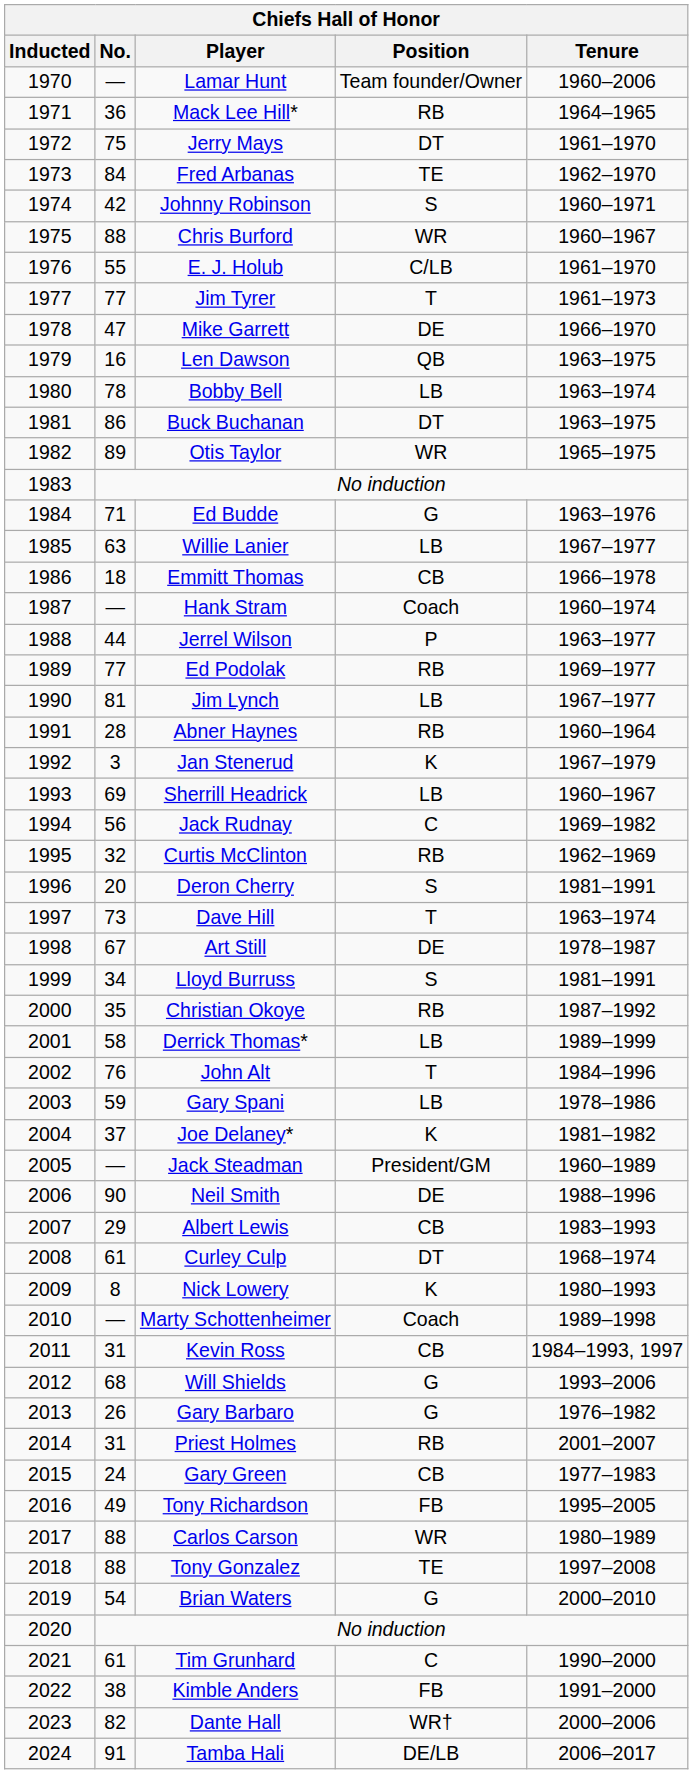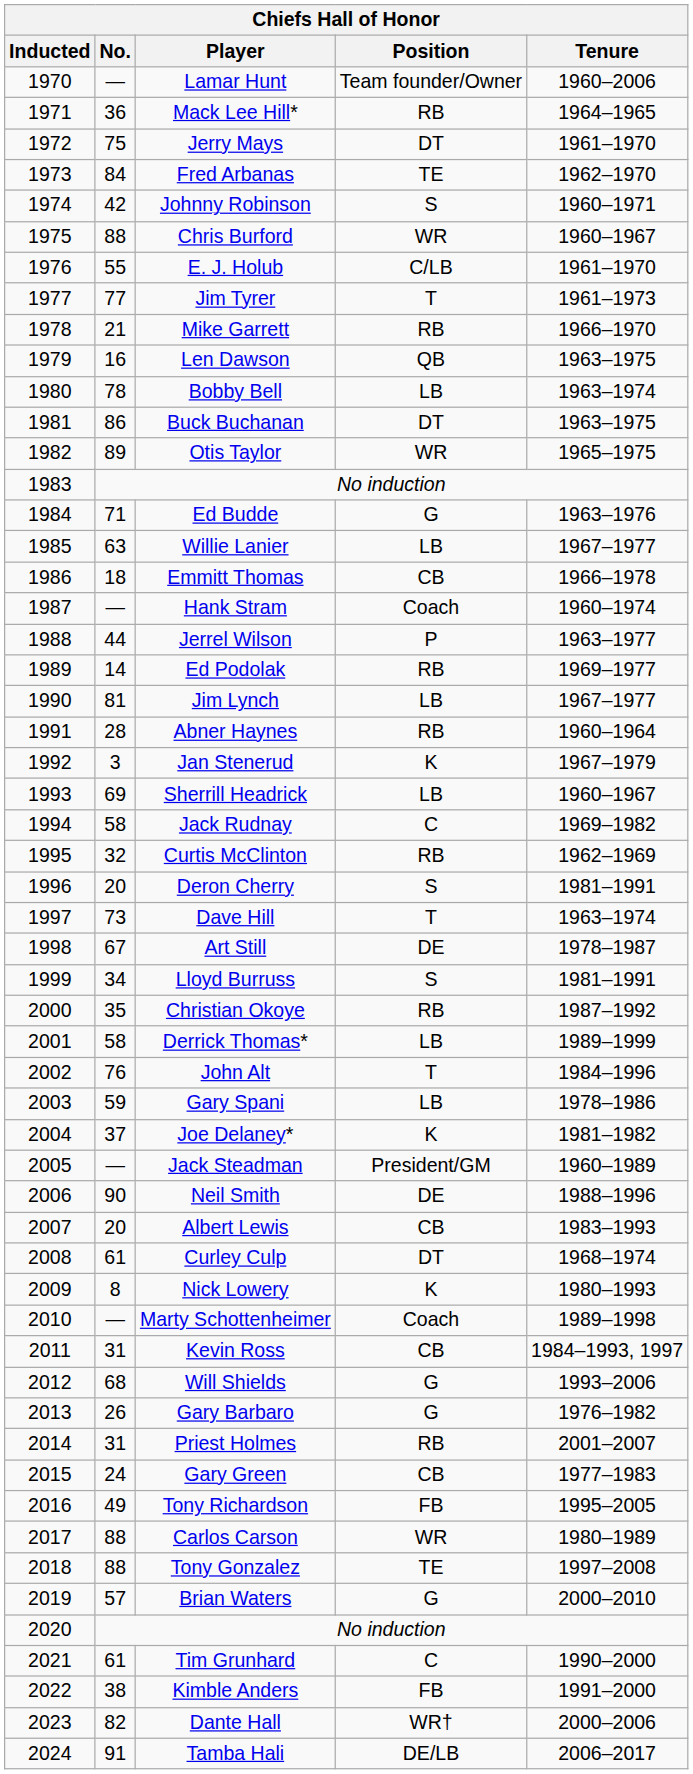 <table class="wikitable" style="text-align:center">
 <tr>
 <th align="center" colspan="5">Chiefs Hall of Honor</th>
 </tr>
 <tr>
 <th>Inducted</th>
 <th>No.</th>
 <th>Player</th>
 <th>Position</th>
 <th>Tenure</th>
 </tr>
 <tr>
 <td>1970</td>
 <td>—</td>
 <td><a href='#'>Lamar Hunt</a></td>
 <td>Team founder/Owner</td>
 <td>1960–2006</td>
 </tr>
 <tr>
 <td>1971</td>
 <td>36</td>
 <td><a href='#'>Mack Lee Hill</a>*</td>
 <td>RB</td>
 <td>1964–1965</td>
 </tr>
 <tr>
 <td>1972</td>
 <td>75</td>
 <td><a href='#'>Jerry Mays</a></td>
 <td>DT</td>
 <td>1961–1970</td>
 </tr>
 <tr>
 <td>1973</td>
 <td>84</td>
 <td><a href='#'>Fred Arbanas</a></td>
 <td>TE</td>
 <td>1962–1970</td>
 </tr>
 <tr>
 <td>1974</td>
 <td>42</td>
 <td><a href='#'>Johnny Robinson</a></td>
 <td>S</td>
 <td>1960–1971</td>
 </tr>
 <tr>
 <td>1975</td>
 <td>88</td>
 <td><a href='#'>Chris Burford</a></td>
 <td>WR</td>
 <td>1960–1967</td>
 </tr>
 <tr>
 <td>1976</td>
 <td>55</td>
 <td><a href='#'>E. J. Holub</a></td>
 <td>C/LB</td>
 <td>1961–1970</td>
 </tr>
 <tr>
 <td>1977</td>
 <td>77</td>
 <td><a href='#'>Jim Tyrer</a></td>
 <td>T</td>
 <td>1961–1973</td>
 </tr>
 <tr>
 <td>1978</td>
-<td>47</td>
+<td>21</td>
 <td><a href='#'>Mike Garrett</a></td>
-<td>DE</td>
+<td>RB</td>
 <td>1966–1970</td>
 </tr>
 <tr>
 <td>1979</td>
 <td>16</td>
 <td><a href='#'>Len Dawson</a></td>
 <td>QB</td>
 <td>1963–1975</td>
 </tr>
 <tr>
 <td>1980</td>
 <td>78</td>
 <td><a href='#'>Bobby Bell</a></td>
 <td>LB</td>
 <td>1963–1974</td>
 </tr>
 <tr>
 <td>1981</td>
 <td>86</td>
 <td><a href='#'>Buck Buchanan</a></td>
 <td>DT</td>
 <td>1963–1975</td>
 </tr>
 <tr>
 <td>1982</td>
 <td>89</td>
 <td><a href='#'>Otis Taylor</a></td>
 <td>WR</td>
 <td>1965–1975</td>
 </tr>
 <tr>
 <td>1983</td>
 <td colspan=4><em>No induction</em></td>
 </tr>
 <tr>
 <td>1984</td>
 <td>71</td>
 <td><a href='#'>Ed Budde</a></td>
 <td>G</td>
 <td>1963–1976</td>
 </tr>
 <tr>
 <td>1985</td>
 <td>63</td>
 <td><a href='#'>Willie Lanier</a></td>
 <td>LB</td>
 <td>1967–1977</td>
 </tr>
 <tr>
 <td>1986</td>
 <td>18</td>
 <td><a href='#'>Emmitt Thomas</a></td>
 <td>CB</td>
 <td>1966–1978</td>
 </tr>
 <tr>
 <td>1987</td>
 <td>—</td>
 <td><a href='#'>Hank Stram</a></td>
 <td>Coach</td>
 <td>1960–1974</td>
 </tr>
 <tr>
 <td>1988</td>
 <td>44</td>
 <td><a href='#'>Jerrel Wilson</a></td>
 <td>P</td>
 <td>1963–1977</td>
 </tr>
 <tr>
 <td>1989</td>
-<td>77</td>
+<td>14</td>
 <td><a href='#'>Ed Podolak</a></td>
 <td>RB</td>
 <td>1969–1977</td>
 </tr>
 <tr>
 <td>1990</td>
 <td>81</td>
 <td><a href='#'>Jim Lynch</a></td>
 <td>LB</td>
 <td>1967–1977</td>
 </tr>
 <tr>
 <td>1991</td>
 <td>28</td>
 <td><a href='#'>Abner Haynes</a></td>
 <td>RB</td>
 <td>1960–1964</td>
 </tr>
 <tr>
 <td>1992</td>
 <td>3</td>
 <td><a href='#'>Jan Stenerud</a></td>
 <td>K</td>
 <td>1967–1979</td>
 </tr>
 <tr>
 <td>1993</td>
 <td>69</td>
 <td><a href='#'>Sherrill Headrick</a></td>
 <td>LB</td>
 <td>1960–1967</td>
 </tr>
 <tr>
 <td>1994</td>
-<td>56</td>
+<td>58</td>
 <td><a href='#'>Jack Rudnay</a></td>
 <td>C</td>
 <td>1969–1982</td>
 </tr>
 <tr>
 <td>1995</td>
 <td>32</td>
 <td><a href='#'>Curtis McClinton</a></td>
 <td>RB</td>
 <td>1962–1969</td>
 </tr>
 <tr>
 <td>1996</td>
 <td>20</td>
 <td><a href='#'>Deron Cherry</a></td>
 <td>S</td>
 <td>1981–1991</td>
 </tr>
 <tr>
 <td>1997</td>
 <td>73</td>
 <td><a href='#'>Dave Hill</a></td>
 <td>T</td>
 <td>1963–1974</td>
 </tr>
 <tr>
 <td>1998</td>
 <td>67</td>
 <td><a href='#'>Art Still</a></td>
 <td>DE</td>
 <td>1978–1987</td>
 </tr>
 <tr>
 <td>1999</td>
 <td>34</td>
 <td><a href='#'>Lloyd Burruss</a></td>
 <td>S</td>
 <td>1981–1991</td>
 </tr>
 <tr>
 <td>2000</td>
 <td>35</td>
 <td><a href='#'>Christian Okoye</a></td>
 <td>RB</td>
 <td>1987–1992</td>
 </tr>
 <tr>
 <td>2001</td>
 <td>58</td>
 <td><a href='#'>Derrick Thomas</a>*</td>
 <td>LB</td>
 <td>1989–1999</td>
 </tr>
 <tr>
 <td>2002</td>
 <td>76</td>
 <td><a href='#'>John Alt</a></td>
 <td>T</td>
 <td>1984–1996</td>
 </tr>
 <tr>
 <td>2003</td>
 <td>59</td>
 <td><a href='#'>Gary Spani</a></td>
 <td>LB</td>
 <td>1978–1986</td>
 </tr>
 <tr>
 <td>2004</td>
 <td>37</td>
 <td><a href='#'>Joe Delaney</a>*</td>
 <td>K</td>
 <td>1981–1982</td>
 </tr>
 <tr>
 <td>2005</td>
 <td>—</td>
 <td><a href='#'>Jack Steadman</a></td>
 <td>President/GM</td>
 <td>1960–1989</td>
 </tr>
 <tr>
 <td>2006</td>
 <td>90</td>
 <td><a href='#'>Neil Smith</a></td>
 <td>DE</td>
 <td>1988–1996</td>
 </tr>
 <tr>
 <td>2007</td>
-<td>29</td>
+<td>20</td>
 <td><a href='#'>Albert Lewis</a></td>
 <td>CB</td>
 <td>1983–1993</td>
 </tr>
 <tr>
 <td>2008</td>
 <td>61</td>
 <td><a href='#'>Curley Culp</a></td>
 <td>DT</td>
 <td>1968–1974</td>
 </tr>
 <tr>
 <td>2009</td>
 <td>8</td>
 <td><a href='#'>Nick Lowery</a></td>
 <td>K</td>
 <td>1980–1993</td>
 </tr>
 <tr>
 <td>2010</td>
 <td>—</td>
 <td><a href='#'>Marty Schottenheimer</a></td>
 <td>Coach</td>
 <td>1989–1998</td>
 </tr>
 <tr>
 <td>2011</td>
 <td>31</td>
 <td><a href='#'>Kevin Ross</a></td>
 <td>CB</td>
 <td>1984–1993, 1997</td>
 </tr>
 <tr>
 <td>2012</td>
 <td>68</td>
 <td><a href='#'>Will Shields</a></td>
 <td>G</td>
 <td>1993–2006</td>
 </tr>
 <tr>
 <td>2013</td>
 <td>26</td>
 <td><a href='#'>Gary Barbaro</a></td>
 <td>G</td>
 <td>1976–1982</td>
 </tr>
 <tr>
 <td>2014</td>
 <td>31</td>
 <td><a href='#'>Priest Holmes</a></td>
 <td>RB</td>
 <td>2001–2007</td>
 </tr>
 <tr>
 <td>2015</td>
 <td>24</td>
 <td><a href='#'>Gary Green</a></td>
 <td>CB</td>
 <td>1977–1983</td>
 </tr>
 <tr>
 <td>2016</td>
 <td>49</td>
 <td><a href='#'>Tony Richardson</a></td>
 <td>FB</td>
 <td>1995–2005</td>
 </tr>
 <tr>
 <td>2017</td>
 <td>88</td>
 <td><a href='#'>Carlos Carson</a></td>
 <td>WR</td>
 <td>1980–1989</td>
 </tr>
 <tr>
 <td>2018</td>
 <td>88</td>
 <td><a href='#'>Tony Gonzalez</a></td>
 <td>TE</td>
 <td>1997–2008</td>
 </tr>
 <tr>
 <td>2019</td>
-<td>54</td>
+<td>57</td>
 <td><a href='#'>Brian Waters</a></td>
 <td>G</td>
 <td>2000–2010</td>
 </tr>
 <tr>
 <td>2020</td>
 <td colspan=4><em>No induction</em></td>
 </tr>
 <tr>
 <td>2021</td>
 <td>61</td>
 <td><a href='#'>Tim Grunhard</a></td>
 <td>C</td>
 <td>1990–2000</td>
 </tr>
 <tr>
 <td>2022</td>
 <td>38</td>
 <td><a href='#'>Kimble Anders</a></td>
 <td>FB</td>
 <td>1991–2000</td>
 </tr>
 <tr>
 <td>2023</td>
 <td>82</td>
 <td><a href='#'>Dante Hall</a></td>
 <td>WR†</td>
 <td>2000–2006</td>
 </tr>
 <tr>
 <td>2024</td>
 <td>91</td>
 <td><a href='#'>Tamba Hali</a></td>
 <td>DE/LB</td>
 <td>2006–2017</td>
 </tr>
 </table>
